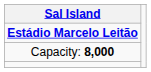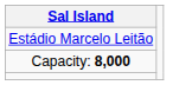 <table class="wikitable" style="text-align:center">
 <tr>
 <th colspan=1><a href='#'>Sal Island</a></th>
 <td rowspan=4></td>
 </tr>
 <tr>
-<td><strong><a href='#'>Estádio Marcelo Leitão</a></strong></td>
+<td><a href='#'>Estádio Marcelo Leitão</a></td>
 </tr>
 <tr>
 <td>Capacity: <strong>8,000</strong></td>
 </tr>
 <tr>
 <td></td>
 </tr>
 </table>
